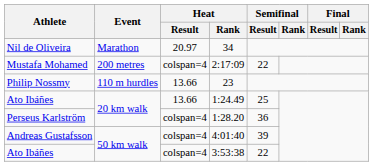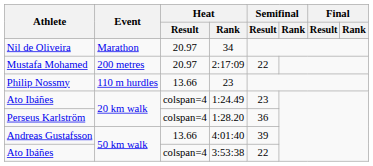 <table class="wikitable" style="font-size:90%">
 <tr>
 <th rowspan="2">Athlete</th>
 <th rowspan="2">Event</th>
 <th colspan="2">Heat</th>
 <th colspan="2">Semifinal</th>
 <th colspan="2">Final</th>
 </tr>
 <tr style="font-size:95%">
 <th>Result</th>
 <th>Rank</th>
 <th>Result</th>
 <th>Rank</th>
 <th>Result</th>
 <th>Rank</th>
 </tr>
 <tr align=center>
 <td align=left><a href='#'>Nil de Oliveira</a></td>
 <td align=left><a href='#'>Marathon</a></td>
 <td>20.97</td>
 <td>34</td>
 <td colspan=4></td>
 </tr>
 <tr align=center>
 <td align=left><a href='#'>Mustafa Mohamed</a></td>
 <td align=left><a href='#'>200 metres</a></td>
-<td>colspan=4 </td>
+<td>20.97</td>
 <td>2:17:09</td>
 <td>22</td>
 </tr>
 <tr align=center>
 <td align=left><a href='#'>Philip Nossmy</a></td>
 <td align=left><a href='#'>110 m hurdles</a></td>
 <td>13.66</td>
 <td>23</td>
 <td colspan=4></td>
 </tr>
 <tr align=center>
 <td align=left><a href='#'>Ato Ibáñes</a></td>
 <td align=left rowspan=2><a href='#'>20 km walk</a></td>
-<td>13.66</td>
+<td>colspan=4 </td>
 <td>1:24.49</td>
-<td>25</td>
+<td>23</td>
 </tr>
 <tr align=center>
 <td align=left><a href='#'>Perseus Karlström</a></td>
 <td>colspan=4 </td>
 <td>1:28.20</td>
 <td>36</td>
 </tr>
 <tr align=center>
 <td align=left><a href='#'>Andreas Gustafsson</a></td>
 <td align=left rowspan=2><a href='#'>50 km walk</a></td>
-<td>colspan=4 </td>
+<td>13.66</td>
 <td>4:01:40</td>
 <td>39</td>
 </tr>
 <tr align=center>
 <td align=left><a href='#'>Ato Ibáñes</a></td>
 <td>colspan=4 </td>
 <td>3:53:38</td>
 <td>22</td>
 </tr>
 </table>
